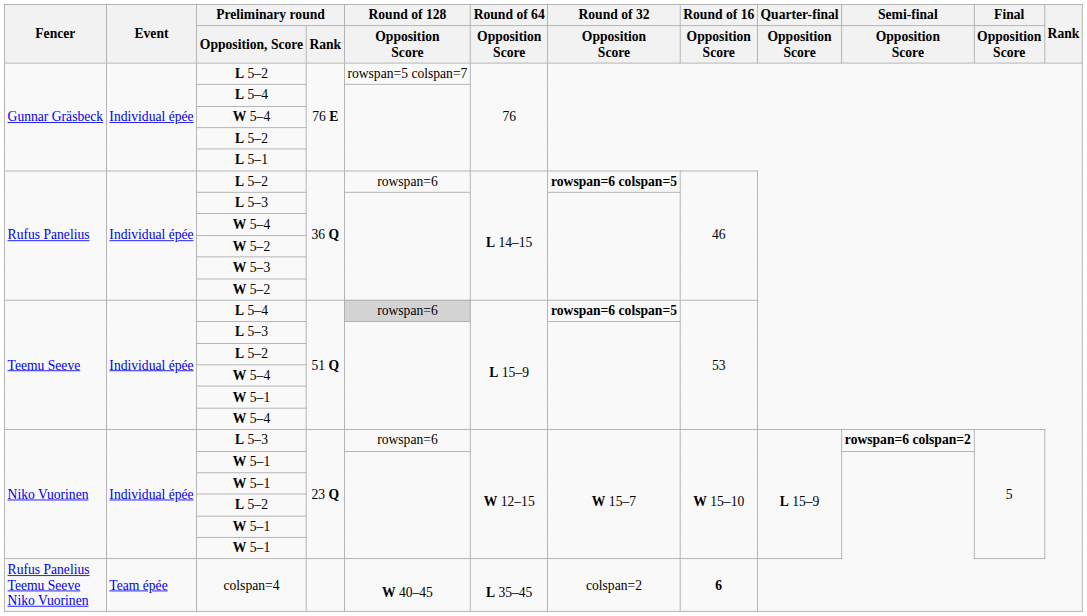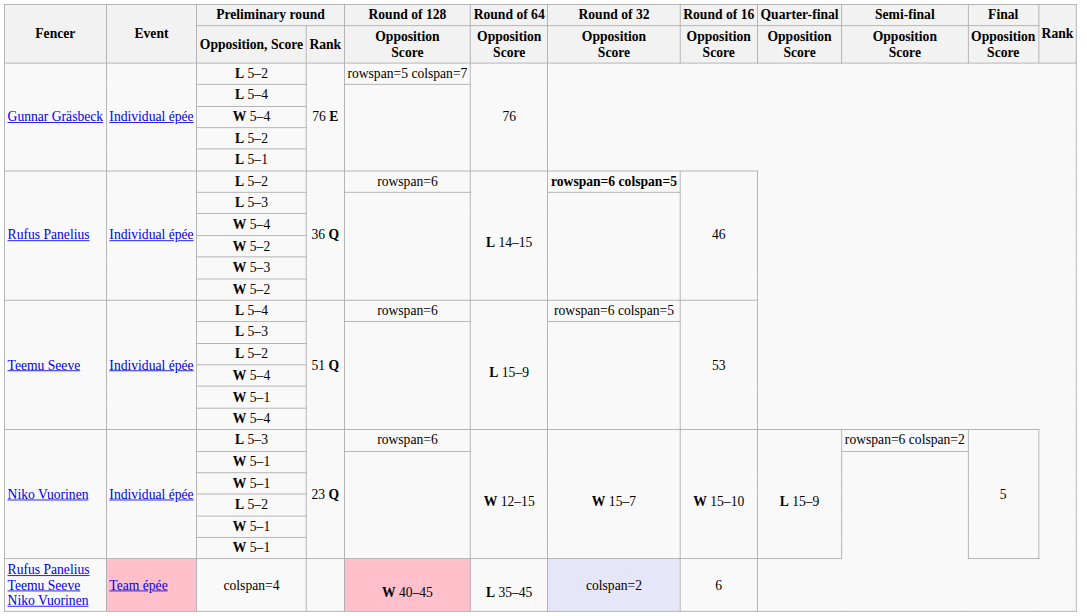 <table class=wikitable style="align:center; white-space:nowrap">
 <tr>
 <th rowspan=2>Fencer</th>
 <th rowspan=2>Event</th>
 <th colspan=2>Preliminary round</th>
 <th>Round of 128</th>
 <th>Round of 64</th>
 <th>Round of 32</th>
 <th>Round of 16</th>
 <th>Quarter-final</th>
 <th>Semi-final</th>
 <th>Final</th>
 <th rowspan=2>Rank</th>
 </tr>
 <tr>
 <th>Opposition, Score</th>
 <th>Rank</th>
 <th>Opposition<br>Score</th>
 <th>Opposition<br>Score</th>
 <th>Opposition<br>Score</th>
 <th>Opposition<br>Score</th>
 <th>Opposition<br>Score</th>
 <th>Opposition<br>Score</th>
 <th>Opposition<br>Score</th>
 </tr>
 <tr align=center>
 <td align=left rowspan=5><a href='#'>Gunnar Gräsbeck</a></td>
 <td align=left rowspan=5><a href='#'>Individual épée</a></td>
 <td> <strong>L</strong> 5–2</td>
 <td rowspan=5>76 <strong>E</strong></td>
 <td>rowspan=5 colspan=7 </td>
 <td rowspan=5>76</td>
 </tr>
 <tr align=center>
 <td> <strong>L</strong> 5–4</td>
 </tr>
 <tr align=center>
 <td> <strong>W</strong> 5–4</td>
 </tr>
 <tr align=center>
 <td> <strong>L</strong> 5–2</td>
 </tr>
 <tr align=center>
 <td> <strong>L</strong> 5–1</td>
 </tr>
 <tr align=center>
 <td align=left rowspan=6><a href='#'>Rufus Panelius</a></td>
 <td align=left rowspan=6><a href='#'>Individual épée</a></td>
 <td> <strong>L</strong> 5–2</td>
 <td rowspan=6>36 <strong>Q</strong></td>
 <td>rowspan=6 </td>
 <td rowspan=6><br><strong>L</strong> 14–15</td>
 <td><strong>rowspan=6 colspan=5 </strong></td>
 <td rowspan=6>46</td>
 </tr>
 <tr align=center>
 <td> <strong>L</strong> 5–3</td>
 </tr>
 <tr align=center>
 <td> <strong>W</strong> 5–4</td>
 </tr>
 <tr align=center>
 <td> <strong>W</strong> 5–2</td>
 </tr>
 <tr align=center>
 <td> <strong>W</strong> 5–3</td>
 </tr>
 <tr align=center>
 <td> <strong>W</strong> 5–2</td>
 </tr>
 <tr align=center>
 <td align=left rowspan=6><a href='#'>Teemu Seeve</a></td>
 <td align=left rowspan=6><a href='#'>Individual épée</a></td>
 <td> <strong>L</strong> 5–4</td>
 <td rowspan=6>51 <strong>Q</strong></td>
-<td style="background: lightgrey;">rowspan=6 </td>
+<td>rowspan=6 </td>
 <td rowspan=6><br><strong>L</strong> 15–9</td>
-<td><strong>rowspan=6 colspan=5 </strong></td>
+<td>rowspan=6 colspan=5 </td>
 <td rowspan=6>53</td>
 </tr>
 <tr align=center>
 <td> <strong>L</strong> 5–3</td>
 </tr>
 <tr align=center>
 <td> <strong>L</strong> 5–2</td>
 </tr>
 <tr align=center>
 <td> <strong>W</strong> 5–4</td>
 </tr>
 <tr align=center>
 <td> <strong>W</strong> 5–1</td>
 </tr>
 <tr align=center>
 <td> <strong>W</strong> 5–4</td>
 </tr>
 <tr align=center>
 <td align=left rowspan=6><a href='#'>Niko Vuorinen</a></td>
 <td align=left rowspan=6><a href='#'>Individual épée</a></td>
 <td> <strong>L</strong> 5–3</td>
 <td rowspan=6>23 <strong>Q</strong></td>
 <td>rowspan=6 </td>
 <td rowspan=6><br><strong>W</strong> 12–15</td>
 <td rowspan=6><br><strong>W</strong> 15–7</td>
 <td rowspan=6><br><strong>W</strong> 15–10</td>
 <td rowspan=6><br><strong>L</strong> 15–9</td>
-<td><strong>rowspan=6 colspan=2 </strong></td>
+<td>rowspan=6 colspan=2 </td>
 <td rowspan=6>5</td>
 </tr>
 <tr align=center>
 <td> <strong>W</strong> 5–1</td>
 </tr>
 <tr align=center>
 <td> <strong>W</strong> 5–1</td>
 </tr>
 <tr align=center>
 <td> <strong>L</strong> 5–2</td>
 </tr>
 <tr align=center>
 <td> <strong>W</strong> 5–1</td>
 </tr>
 <tr align=center>
 <td> <strong>W</strong> 5–1</td>
 </tr>
 <tr align=center>
 <td align=left><a href='#'>Rufus Panelius</a><br><a href='#'>Teemu Seeve</a><br><a href='#'>Niko Vuorinen</a></td>
-<td align=left><a href='#'>Team épée</a></td>
+<td align=left style="background: pink;"><a href='#'>Team épée</a></td>
 <td>colspan=4 </td>
 <td></td>
-<td><br><strong>W</strong> 40–45</td>
+<td style="background: pink;"><br><strong>W</strong> 40–45</td>
 <td><br><strong>L</strong> 35–45</td>
-<td>colspan=2 </td>
-<td><strong>6</strong></td>
+<td style="background: lavender;">colspan=2 </td>
+<td>6</td>
 </tr>
 </table>
